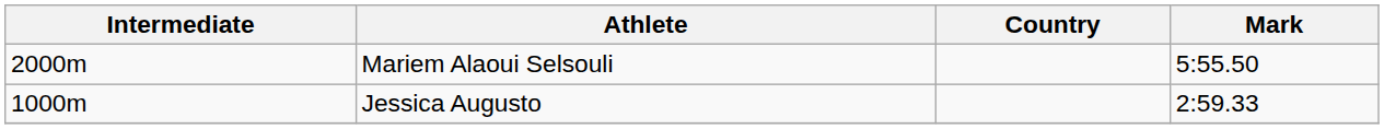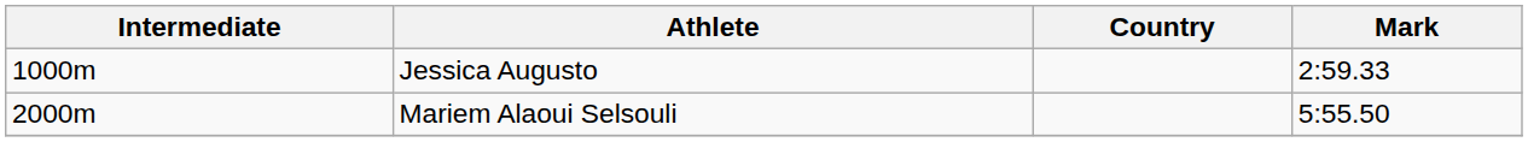 <table class="wikitable" width=70%>
 <tr>
 <th>Intermediate</th>
 <th>Athlete</th>
 <th>Country</th>
 <th>Mark</th>
 </tr>
 <tr>
+<td>1000m</td>
+<td>Jessica Augusto</td>
+<td></td>
+<td>2:59.33</td>
+</tr>
+<tr>
 <td>2000m</td>
 <td>Mariem Alaoui Selsouli</td>
 <td></td>
 <td>5:55.50</td>
 </tr>
 <tr>
-<td>1000m</td>
-<td>Jessica Augusto</td>
-<td></td>
-<td>2:59.33</td>
-</tr>
-<tr>
 </tr>
 </table>
